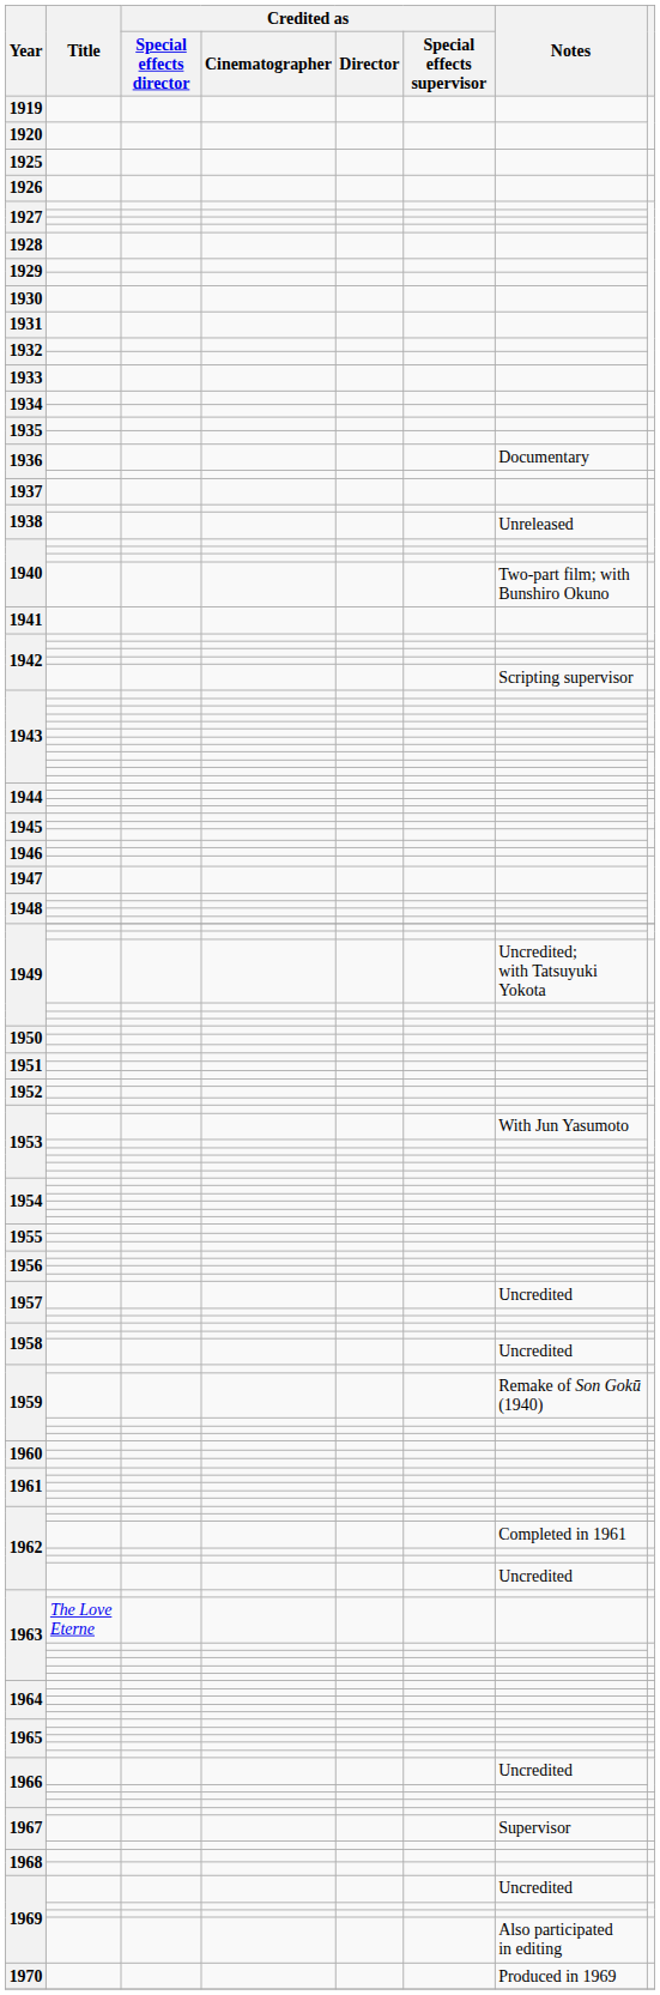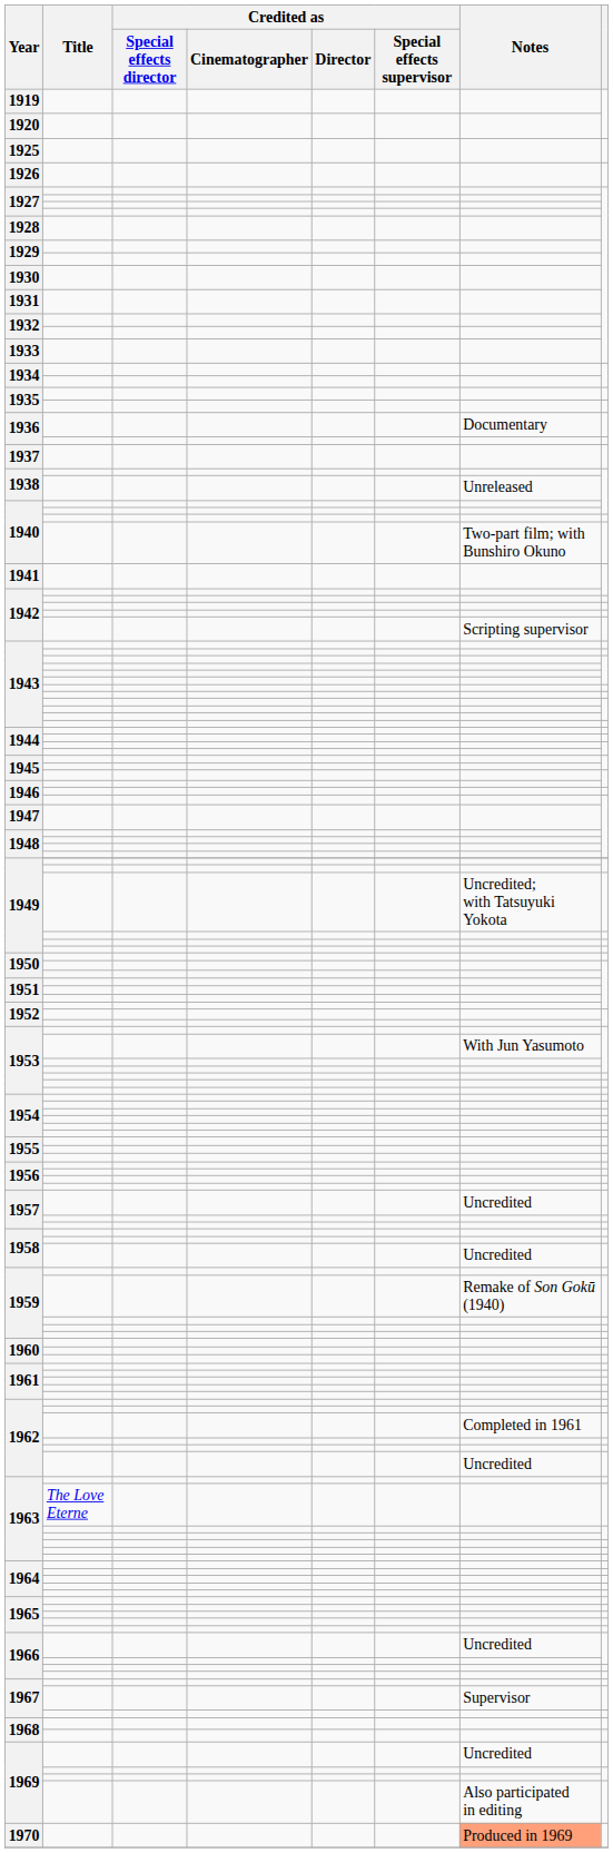 <table class="wikitable plainrowheaders sortable" style="margin-right: 0;">
 <tr>
 <th scope=col rowspan="2">Year</th>
 <th scope=col rowspan="2">Title</th>
 <th scope=colgroup colspan="4">Credited as</th>
 <th scope=col class=unsortable rowspan="2">Notes</th>
 <th scope=col class=unsortable rowspan="2"></th>
 </tr>
 <tr>
 <th scope=col><a href='#'>Special effects<br>director</a></th>
 <th scope=col>Cinematographer</th>
 <th scope=col>Director</th>
 <th scope=col>Special effects<br>supervisor</th>
 </tr>
 <tr>
 <th scope=row>1919</th>
 <td></td>
 <td></td>
 <td></td>
 <td></td>
 <td></td>
 <td></td>
 <td rowspan=2></td>
 </tr>
 <tr>
 <th scope=row>1920</th>
 <td></td>
 <td></td>
 <td></td>
 <td></td>
 <td></td>
 <td></td>
 </tr>
 <tr>
 <th scope=row>1925</th>
 <td></td>
 <td></td>
 <td></td>
 <td></td>
 <td></td>
 <td></td>
 <td></td>
 </tr>
 <tr>
 <th scope=row>1926</th>
 <td></td>
 <td></td>
 <td></td>
 <td></td>
 <td></td>
 <td></td>
 <td></td>
 </tr>
 <tr>
 <th scope=rowgroup rowspan="4">1927</th>
 <td></td>
 <td></td>
 <td></td>
 <td></td>
 <td></td>
 <td></td>
 <td rowspan=12></td>
 </tr>
 <tr>
 <td></td>
 <td></td>
 <td></td>
 <td></td>
 <td></td>
 <td></td>
 </tr>
 <tr>
 <td></td>
 <td></td>
 <td></td>
 <td></td>
 <td></td>
 <td></td>
 </tr>
 <tr>
 <td></td>
 <td></td>
 <td></td>
 <td></td>
 <td></td>
 <td></td>
 </tr>
 <tr>
 <th scope=row>1928</th>
 <td></td>
 <td></td>
 <td></td>
 <td></td>
 <td></td>
 <td></td>
 </tr>
 <tr>
 <th scope=rowgroup rowspan="2">1929</th>
 <td></td>
 <td></td>
 <td></td>
 <td></td>
 <td></td>
 <td></td>
 </tr>
 <tr>
 <td></td>
 <td></td>
 <td></td>
 <td></td>
 <td></td>
 <td></td>
 </tr>
 <tr>
 <th scope=row>1930</th>
 <td></td>
 <td></td>
 <td></td>
 <td></td>
 <td></td>
 <td></td>
 </tr>
 <tr>
 <th scope=row>1931</th>
 <td></td>
 <td></td>
 <td></td>
 <td></td>
 <td></td>
 <td></td>
 </tr>
 <tr>
 <th scope=rowgroup rowspan="2">1932</th>
 <td></td>
 <td></td>
 <td></td>
 <td></td>
 <td></td>
 <td></td>
 </tr>
 <tr>
 <td></td>
 <td></td>
 <td></td>
 <td></td>
 <td></td>
 <td></td>
 </tr>
 <tr>
 <th scope=row>1933</th>
 <td></td>
 <td></td>
 <td></td>
 <td></td>
 <td></td>
 <td></td>
 </tr>
 <tr>
 <th scope=rowgroup rowspan="2">1934</th>
 <td></td>
 <td></td>
 <td></td>
 <td></td>
 <td></td>
 <td></td>
 <td rowspan=2></td>
 </tr>
 <tr>
 <td></td>
 <td></td>
 <td></td>
 <td></td>
 <td></td>
 <td></td>
 </tr>
 <tr>
 <th scope=rowgroup rowspan="2">1935</th>
 <td></td>
 <td></td>
 <td></td>
 <td></td>
 <td></td>
 <td></td>
 <td></td>
 </tr>
 <tr>
 <td></td>
 <td></td>
 <td></td>
 <td></td>
 <td></td>
 <td></td>
 <td></td>
 </tr>
 <tr>
 <th scope=rowgroup rowspan="2">1936</th>
 <td></td>
 <td></td>
 <td></td>
 <td></td>
 <td></td>
 <td>Documentary</td>
 <td></td>
 </tr>
 <tr>
 <td></td>
 <td></td>
 <td></td>
 <td></td>
 <td></td>
 <td></td>
 <td></td>
 </tr>
 <tr>
 <th scope=row>1937</th>
 <td></td>
 <td></td>
 <td></td>
 <td></td>
 <td></td>
 <td></td>
 <td></td>
 </tr>
 <tr>
 <th scope=rowgroup rowspan="2">1938</th>
 <td></td>
 <td></td>
 <td></td>
 <td></td>
 <td></td>
 <td></td>
 <td rowspan=4></td>
 </tr>
 <tr>
 <td></td>
 <td></td>
 <td></td>
 <td></td>
 <td></td>
 <td>Unreleased</td>
 </tr>
 <tr>
 <th scope=rowgroup rowspan="4">1940</th>
 <td></td>
 <td></td>
 <td></td>
 <td></td>
 <td></td>
 <td></td>
 </tr>
 <tr>
 <td></td>
 <td></td>
 <td></td>
 <td></td>
 <td></td>
 <td></td>
 </tr>
 <tr>
 <td></td>
 <td></td>
 <td></td>
 <td></td>
 <td></td>
 <td></td>
 <td></td>
 </tr>
 <tr>
 <td></td>
 <td></td>
 <td></td>
 <td></td>
 <td></td>
 <td>Two-part film; with Bunshiro Okuno</td>
 <td></td>
 </tr>
 <tr>
 <th scope=row>1941</th>
 <td></td>
 <td></td>
 <td></td>
 <td></td>
 <td></td>
 <td></td>
 <td rowspan=2></td>
 </tr>
 <tr>
 <th scope=rowgroup rowspan="5">1942</th>
 <td></td>
 <td></td>
 <td></td>
 <td></td>
 <td></td>
 <td></td>
 </tr>
 <tr>
 <td></td>
 <td></td>
 <td></td>
 <td></td>
 <td></td>
 <td></td>
 <td></td>
 </tr>
 <tr>
 <td></td>
 <td></td>
 <td></td>
 <td></td>
 <td></td>
 <td></td>
 <td></td>
 </tr>
 <tr>
 <td></td>
 <td></td>
 <td></td>
 <td></td>
 <td></td>
 <td></td>
 <td></td>
 </tr>
 <tr>
 <td></td>
 <td></td>
 <td></td>
 <td></td>
 <td></td>
 <td>Scripting supervisor</td>
 <td></td>
 </tr>
 <tr>
 <th scope=rowgroup rowspan="12">1943</th>
 <td></td>
 <td></td>
 <td></td>
 <td></td>
 <td></td>
 <td></td>
 <td></td>
 </tr>
 <tr>
 <td></td>
 <td></td>
 <td></td>
 <td></td>
 <td></td>
 <td></td>
 <td></td>
 </tr>
 <tr>
 <td></td>
 <td></td>
 <td></td>
 <td></td>
 <td></td>
 <td></td>
 <td rowspan=4></td>
 </tr>
 <tr>
 <td></td>
 <td></td>
 <td></td>
 <td></td>
 <td></td>
 <td></td>
 </tr>
 <tr>
 <td></td>
 <td></td>
 <td></td>
 <td></td>
 <td></td>
 <td></td>
 </tr>
 <tr>
 <td></td>
 <td></td>
 <td></td>
 <td></td>
 <td></td>
 <td></td>
 </tr>
 <tr>
 <td></td>
 <td></td>
 <td></td>
 <td></td>
 <td></td>
 <td></td>
 <td></td>
 </tr>
 <tr>
 <td></td>
 <td></td>
 <td></td>
 <td></td>
 <td></td>
 <td></td>
 <td></td>
 </tr>
 <tr>
 <td></td>
 <td></td>
 <td></td>
 <td></td>
 <td></td>
 <td></td>
 <td rowspan=3></td>
 </tr>
 <tr>
 <td></td>
 <td></td>
 <td></td>
 <td></td>
 <td></td>
 <td></td>
 </tr>
 <tr>
 <td></td>
 <td></td>
 <td></td>
 <td></td>
 <td></td>
 <td></td>
 </tr>
 <tr>
 <td></td>
 <td></td>
 <td></td>
 <td></td>
 <td></td>
 <td></td>
 <td></td>
 </tr>
 <tr>
 <th scope=rowgroup rowspan="4">1944</th>
 <td></td>
 <td></td>
 <td></td>
 <td></td>
 <td></td>
 <td></td>
 <td></td>
 </tr>
 <tr>
 <td></td>
 <td></td>
 <td></td>
 <td></td>
 <td></td>
 <td></td>
 <td></td>
 </tr>
 <tr>
 <td></td>
 <td></td>
 <td></td>
 <td></td>
 <td></td>
 <td></td>
 <td rowspan=2></td>
 </tr>
 <tr>
 <td></td>
 <td></td>
 <td></td>
 <td></td>
 <td></td>
 <td></td>
 </tr>
 <tr>
 <th scope=rowgroup rowspan="3">1945</th>
 <td></td>
 <td></td>
 <td></td>
 <td></td>
 <td></td>
 <td></td>
 <td rowspan=2></td>
 </tr>
 <tr>
 <td></td>
 <td></td>
 <td></td>
 <td></td>
 <td></td>
 <td></td>
 </tr>
 <tr>
 <td></td>
 <td></td>
 <td></td>
 <td></td>
 <td></td>
 <td></td>
 <td rowspan=2></td>
 </tr>
 <tr>
 <th scope=rowgroup rowspan="3">1946</th>
 <td></td>
 <td></td>
 <td></td>
 <td></td>
 <td></td>
 <td></td>
 </tr>
 <tr>
 <td></td>
 <td></td>
 <td></td>
 <td></td>
 <td></td>
 <td></td>
 <td></td>
 </tr>
 <tr>
 <td></td>
 <td></td>
 <td></td>
 <td></td>
 <td></td>
 <td></td>
 <td rowspan=6></td>
 </tr>
 <tr>
 <th scope=row>1947</th>
 <td></td>
 <td></td>
 <td></td>
 <td></td>
 <td></td>
 <td></td>
 </tr>
 <tr>
 <th scope=rowgroup rowspan="4">1948</th>
 <td></td>
 <td></td>
 <td></td>
 <td></td>
 <td></td>
 <td></td>
 </tr>
 <tr>
 <td></td>
 <td></td>
 <td></td>
 <td></td>
 <td></td>
 <td></td>
 </tr>
 <tr>
 <td></td>
 <td></td>
 <td></td>
 <td></td>
 <td></td>
 <td></td>
 </tr>
 <tr>
 <td></td>
 <td></td>
 <td></td>
 <td></td>
 <td></td>
 <td></td>
 </tr>
 <tr>
 <th scope=rowgroup rowspan="7">1949</th>
 </tr>
 <tr>
 <td></td>
 <td></td>
 <td></td>
 <td></td>
 <td></td>
 <td></td>
 <td rowspan=2></td>
 </tr>
 <tr>
 <td></td>
 <td></td>
 <td></td>
 <td></td>
 <td></td>
 <td></td>
 </tr>
 <tr>
 <td></td>
 <td></td>
 <td></td>
 <td></td>
 <td></td>
 <td>Uncredited;<br>with Tatsuyuki Yokota</td>
 <td></td>
 </tr>
 <tr>
 <td></td>
 <td></td>
 <td></td>
 <td></td>
 <td></td>
 <td></td>
 <td></td>
 </tr>
 <tr>
 <td></td>
 <td></td>
 <td></td>
 <td></td>
 <td></td>
 <td></td>
 <td></td>
 </tr>
 <tr>
 <td></td>
 <td></td>
 <td></td>
 <td></td>
 <td></td>
 <td></td>
 <td></td>
 </tr>
 <tr>
 <th scope=rowgroup rowspan="3">1950</th>
 <td></td>
 <td></td>
 <td></td>
 <td></td>
 <td></td>
 <td></td>
 <td></td>
 </tr>
 <tr>
 <td></td>
 <td></td>
 <td></td>
 <td></td>
 <td></td>
 <td></td>
 <td rowspan=6></td>
 </tr>
 <tr>
 <td></td>
 <td></td>
 <td></td>
 <td></td>
 <td></td>
 <td></td>
 </tr>
 <tr>
 <th scope=rowgroup rowspan="3">1951</th>
 <td></td>
 <td></td>
 <td></td>
 <td></td>
 <td></td>
 <td></td>
 </tr>
 <tr>
 <td></td>
 <td></td>
 <td></td>
 <td></td>
 <td></td>
 <td></td>
 </tr>
 <tr>
 <td></td>
 <td></td>
 <td></td>
 <td></td>
 <td></td>
 <td></td>
 </tr>
 <tr>
 <th scope=rowgroup rowspan="3">1952</th>
 <td></td>
 <td></td>
 <td></td>
 <td></td>
 <td></td>
 <td></td>
 </tr>
 <tr>
 <td></td>
 <td></td>
 <td></td>
 <td></td>
 <td></td>
 <td></td>
 <td rowspan=2></td>
 </tr>
 <tr>
 <td></td>
 <td></td>
 <td></td>
 <td></td>
 <td></td>
 <td></td>
 </tr>
 <tr>
 <th scope=rowgroup rowspan="7">1953</th>
 <td></td>
 <td></td>
 <td></td>
 <td></td>
 <td></td>
 <td></td>
 <td rowspan=4></td>
 </tr>
 <tr>
 <td></td>
 <td></td>
 <td></td>
 <td></td>
 <td></td>
 <td>With Jun Yasumoto</td>
 </tr>
 <tr>
 <td></td>
 <td></td>
 <td></td>
 <td></td>
 <td></td>
 <td></td>
 </tr>
 <tr>
 <td></td>
 <td></td>
 <td></td>
 <td></td>
 <td></td>
 <td></td>
 </tr>
 <tr>
 <td></td>
 <td></td>
 <td></td>
 <td></td>
 <td></td>
 <td></td>
 <td></td>
 </tr>
 <tr>
 <td></td>
 <td></td>
 <td></td>
 <td></td>
 <td></td>
 <td></td>
 <td></td>
 </tr>
 <tr>
 <td></td>
 <td></td>
 <td></td>
 <td></td>
 <td></td>
 <td></td>
 <td></td>
 </tr>
 <tr>
 <th scope=rowgroup rowspan="6">1954</th>
 <td></td>
 <td></td>
 <td></td>
 <td></td>
 <td></td>
 <td></td>
 <td></td>
 </tr>
 <tr>
 <td></td>
 <td></td>
 <td></td>
 <td></td>
 <td></td>
 <td></td>
 <td></td>
 </tr>
 <tr>
 <td></td>
 <td></td>
 <td></td>
 <td></td>
 <td></td>
 <td></td>
 <td></td>
 </tr>
 <tr>
 <td></td>
 <td></td>
 <td></td>
 <td></td>
 <td></td>
 <td></td>
 <td></td>
 </tr>
 <tr>
 <td></td>
 <td></td>
 <td></td>
 <td></td>
 <td></td>
 <td></td>
 <td></td>
 </tr>
 <tr>
 <td></td>
 <td></td>
 <td></td>
 <td></td>
 <td></td>
 <td></td>
 <td></td>
 </tr>
 <tr>
 <th scope=rowgroup rowspan="3">1955</th>
 <td></td>
 <td></td>
 <td></td>
 <td></td>
 <td></td>
 <td></td>
 <td></td>
 </tr>
 <tr>
 <td></td>
 <td></td>
 <td></td>
 <td></td>
 <td></td>
 <td></td>
 <td></td>
 </tr>
 <tr>
 <td></td>
 <td></td>
 <td></td>
 <td></td>
 <td></td>
 <td></td>
 <td></td>
 </tr>
 <tr>
 <th scope=rowgroup rowspan="4">1956</th>
 <td></td>
 <td></td>
 <td></td>
 <td></td>
 <td></td>
 <td></td>
 <td></td>
 </tr>
 <tr>
 <td></td>
 <td></td>
 <td></td>
 <td></td>
 <td></td>
 <td></td>
 <td></td>
 </tr>
 <tr>
 <td></td>
 <td></td>
 <td></td>
 <td></td>
 <td></td>
 <td></td>
 <td></td>
 </tr>
 <tr>
 <td></td>
 <td></td>
 <td></td>
 <td></td>
 <td></td>
 <td></td>
 <td></td>
 </tr>
 <tr>
 <th scope=rowgroup rowspan="3">1957</th>
 <td></td>
 <td></td>
 <td></td>
 <td></td>
 <td></td>
 <td>Uncredited</td>
 <td></td>
 </tr>
 <tr>
 <td></td>
 <td></td>
 <td></td>
 <td></td>
 <td></td>
 <td></td>
 <td></td>
 </tr>
 <tr>
 <td></td>
 <td></td>
 <td></td>
 <td></td>
 <td></td>
 <td></td>
 <td></td>
 </tr>
 <tr>
 <th scope=rowgroup rowspan="3">1958</th>
 <td></td>
 <td></td>
 <td></td>
 <td></td>
 <td></td>
 <td></td>
 <td></td>
 </tr>
 <tr>
 <td></td>
 <td></td>
 <td></td>
 <td></td>
 <td></td>
 <td></td>
 <td></td>
 </tr>
 <tr>
 <td></td>
 <td></td>
 <td></td>
 <td></td>
 <td></td>
 <td>Uncredited</td>
 <td></td>
 </tr>
 <tr>
 <th scope=rowgroup rowspan="5">1959</th>
 <td></td>
 <td></td>
 <td></td>
 <td></td>
 <td></td>
 <td></td>
 <td></td>
 </tr>
 <tr>
 <td></td>
 <td></td>
 <td></td>
 <td></td>
 <td></td>
 <td>Remake of <em>Son Gokū</em><br>(1940)</td>
 <td></td>
 </tr>
 <tr>
 <td></td>
 <td></td>
 <td></td>
 <td></td>
 <td></td>
 <td></td>
 <td></td>
 </tr>
 <tr>
 <td></td>
 <td></td>
 <td></td>
 <td></td>
 <td></td>
 <td></td>
 <td></td>
 </tr>
 <tr>
 <td></td>
 <td></td>
 <td></td>
 <td></td>
 <td></td>
 <td></td>
 <td></td>
 </tr>
 <tr>
 <th scope=rowgroup rowspan="3">1960</th>
 <td></td>
 <td></td>
 <td></td>
 <td></td>
 <td></td>
 <td></td>
 <td></td>
 </tr>
 <tr>
 <td></td>
 <td></td>
 <td></td>
 <td></td>
 <td></td>
 <td></td>
 <td></td>
 </tr>
 <tr>
 <td></td>
 <td></td>
 <td></td>
 <td></td>
 <td></td>
 <td></td>
 <td></td>
 </tr>
 <tr>
 <th scope=rowgroup rowspan="5">1961</th>
 <td></td>
 <td></td>
 <td></td>
 <td></td>
 <td></td>
 <td></td>
 <td></td>
 </tr>
 <tr>
 <td></td>
 <td></td>
 <td></td>
 <td></td>
 <td></td>
 <td></td>
 <td></td>
 </tr>
 <tr>
 <td></td>
 <td></td>
 <td></td>
 <td></td>
 <td></td>
 <td></td>
 <td></td>
 </tr>
 <tr>
 <td></td>
 <td></td>
 <td></td>
 <td></td>
 <td></td>
 <td></td>
 <td></td>
 </tr>
 <tr>
 <td></td>
 <td></td>
 <td></td>
 <td></td>
 <td></td>
 <td></td>
 <td></td>
 </tr>
 <tr>
 <th scope=rowgroup rowspan="6">1962</th>
 <td></td>
 <td></td>
 <td></td>
 <td></td>
 <td></td>
 <td></td>
 <td></td>
 </tr>
 <tr>
 <td></td>
 <td></td>
 <td></td>
 <td></td>
 <td></td>
 <td></td>
 <td></td>
 </tr>
 <tr>
 <td></td>
 <td></td>
 <td></td>
 <td></td>
 <td></td>
 <td>Completed in 1961</td>
 <td></td>
 </tr>
 <tr>
 <td></td>
 <td></td>
 <td></td>
 <td></td>
 <td></td>
 <td></td>
 <td></td>
 </tr>
 <tr>
 <td><em></em></td>
 <td></td>
 <td></td>
 <td></td>
 <td></td>
 <td></td>
 <td></td>
 </tr>
 <tr>
 <td></td>
 <td></td>
 <td></td>
 <td></td>
 <td></td>
 <td>Uncredited</td>
 <td></td>
 </tr>
 <tr>
 <th scope=rowgroup rowspan="7">1963</th>
 <td></td>
 <td></td>
 <td></td>
 <td></td>
 <td></td>
 <td></td>
 <td></td>
 </tr>
 <tr>
 <td><em><a href='#'>The Love Eterne</a></em></td>
 <td></td>
 <td></td>
 <td></td>
 <td></td>
 <td></td>
 <td></td>
 </tr>
 <tr>
 <td></td>
 <td></td>
 <td></td>
 <td></td>
 <td></td>
 <td></td>
 <td rowspan=2></td>
 </tr>
 <tr>
 <td></td>
 <td></td>
 <td></td>
 <td></td>
 <td></td>
 <td></td>
 </tr>
 <tr>
 <td></td>
 <td></td>
 <td></td>
 <td></td>
 <td></td>
 <td></td>
 <td></td>
 </tr>
 <tr>
 <td></td>
 <td></td>
 <td></td>
 <td></td>
 <td></td>
 <td></td>
 <td></td>
 </tr>
 <tr>
 <td></td>
 <td></td>
 <td></td>
 <td></td>
 <td></td>
 <td></td>
 <td></td>
 </tr>
 <tr>
 <th scope=rowgroup rowspan="5">1964</th>
 <td></td>
 <td></td>
 <td></td>
 <td></td>
 <td></td>
 <td></td>
 <td></td>
 </tr>
 <tr>
 <td></td>
 <td></td>
 <td></td>
 <td></td>
 <td></td>
 <td></td>
 <td></td>
 </tr>
 <tr>
 <td></td>
 <td></td>
 <td></td>
 <td></td>
 <td></td>
 <td></td>
 <td></td>
 </tr>
 <tr>
 <td></td>
 <td></td>
 <td></td>
 <td></td>
 <td></td>
 <td></td>
 <td></td>
 </tr>
 <tr>
 <td></td>
 <td></td>
 <td></td>
 <td></td>
 <td></td>
 <td></td>
 <td></td>
 </tr>
 <tr>
 <th scope=rowgroup rowspan="5">1965</th>
 <td></td>
 <td></td>
 <td></td>
 <td></td>
 <td></td>
 <td></td>
 <td></td>
 </tr>
 <tr>
 <td></td>
 <td></td>
 <td></td>
 <td></td>
 <td></td>
 <td></td>
 <td></td>
 </tr>
 <tr>
 <td></td>
 <td></td>
 <td></td>
 <td></td>
 <td></td>
 <td></td>
 <td></td>
 </tr>
 <tr>
 <td></td>
 <td></td>
 <td></td>
 <td></td>
 <td></td>
 <td></td>
 <td></td>
 </tr>
 <tr>
 <td></td>
 <td></td>
 <td></td>
 <td></td>
 <td></td>
 <td></td>
 <td></td>
 </tr>
 <tr>
 <th scope=rowgroup rowspan="4">1966</th>
 <td></td>
 <td></td>
 <td></td>
 <td></td>
 <td></td>
 <td>Uncredited</td>
 <td rowspan=2></td>
 </tr>
 <tr>
 <td></td>
 <td></td>
 <td></td>
 <td></td>
 <td></td>
 <td></td>
 </tr>
 <tr>
 <td></td>
 <td></td>
 <td></td>
 <td></td>
 <td></td>
 <td></td>
 <td></td>
 </tr>
 <tr>
 <td></td>
 <td></td>
 <td></td>
 <td></td>
 <td></td>
 <td></td>
 <td></td>
 </tr>
 <tr>
 <th scope=rowgroup rowspan="3">1967</th>
 <td></td>
 <td></td>
 <td></td>
 <td></td>
 <td></td>
 <td></td>
 <td></td>
 </tr>
 <tr>
 <td></td>
 <td></td>
 <td></td>
 <td></td>
 <td></td>
 <td>Supervisor</td>
 <td></td>
 </tr>
 <tr>
 <td></td>
 <td></td>
 <td></td>
 <td></td>
 <td></td>
 <td></td>
 <td></td>
 </tr>
 <tr>
 <th scope=rowgroup rowspan="2">1968</th>
 <td></td>
 <td></td>
 <td></td>
 <td></td>
 <td></td>
 <td></td>
 <td></td>
 </tr>
 <tr>
 <td></td>
 <td></td>
 <td></td>
 <td></td>
 <td></td>
 <td></td>
 <td></td>
 </tr>
 <tr>
 <th scope=rowgroup rowspan="4">1969</th>
 <td></td>
 <td></td>
 <td></td>
 <td></td>
 <td></td>
 <td>Uncredited</td>
 <td></td>
 </tr>
 <tr>
 <td></td>
 <td></td>
 <td></td>
 <td></td>
 <td></td>
 <td></td>
 <td rowspan=2></td>
 </tr>
 <tr>
 <td></td>
 <td></td>
 <td></td>
 <td></td>
 <td></td>
 <td></td>
 </tr>
 <tr>
 <td></td>
 <td></td>
 <td></td>
 <td></td>
 <td></td>
 <td>Also participated<br>in editing</td>
 <td></td>
 </tr>
 <tr>
 <th scope=rowgroup>1970</th>
 <td></td>
 <td></td>
 <td></td>
 <td></td>
 <td></td>
-<td>Produced in 1969</td>
+<td style="background: lightsalmon;">Produced in 1969</td>
 <td></td>
 </tr>
 <tr>
 </tr>
 </table>
